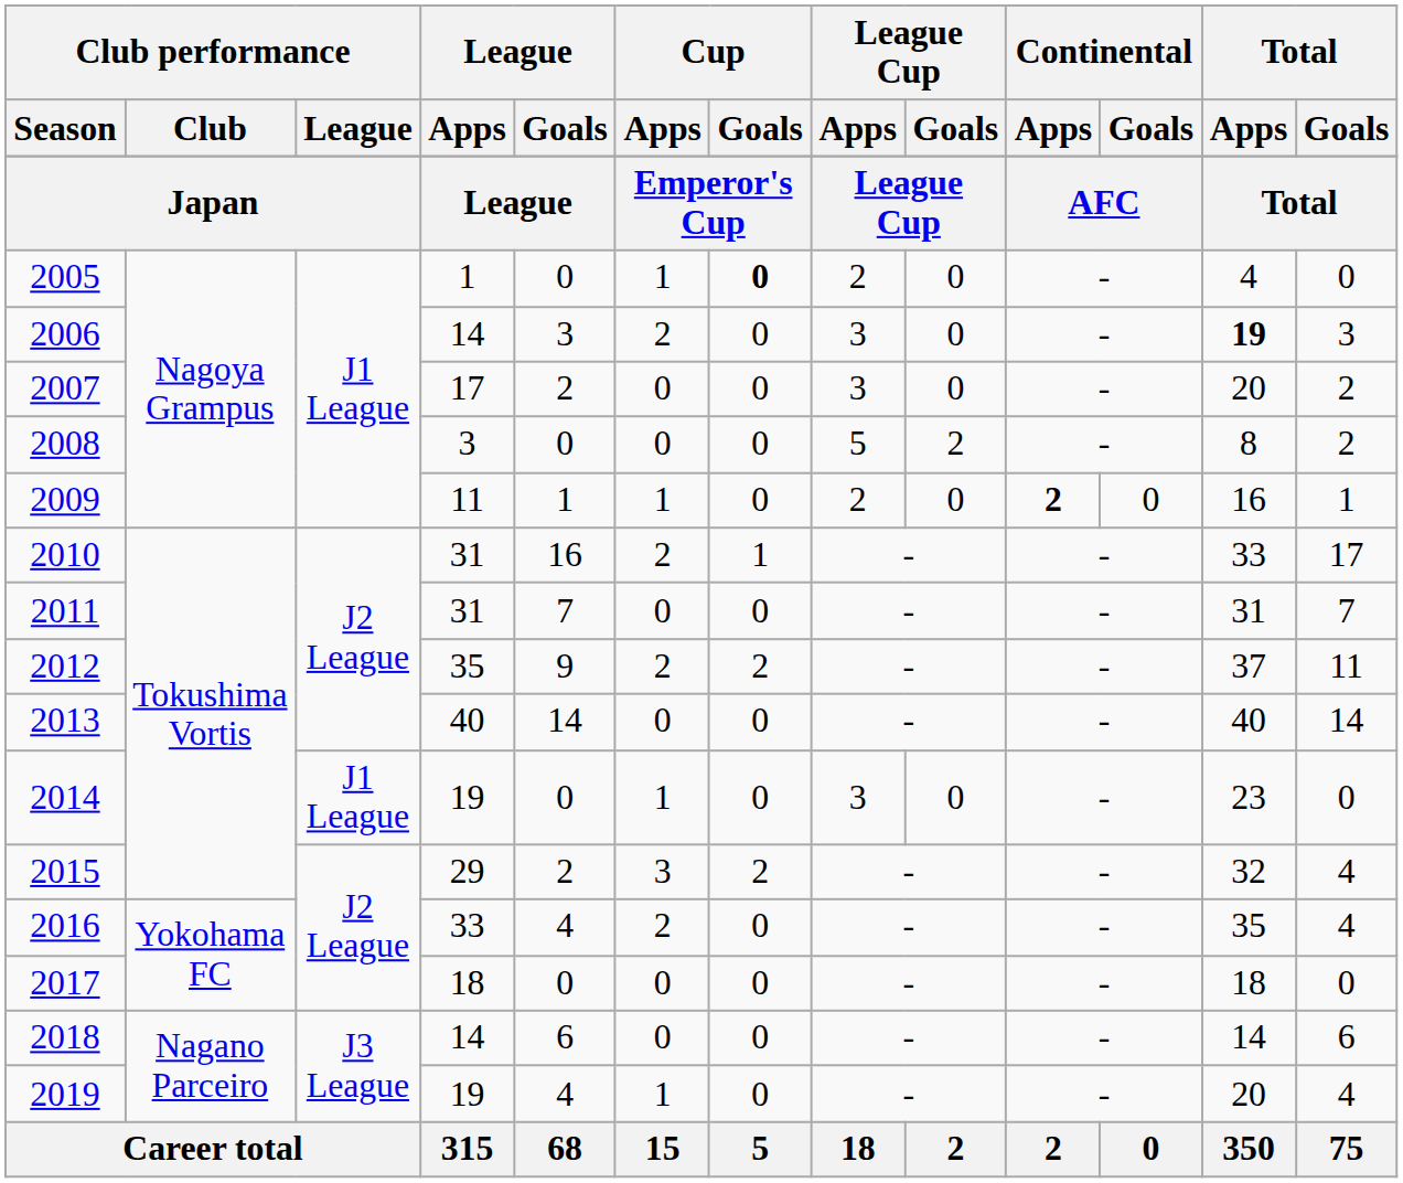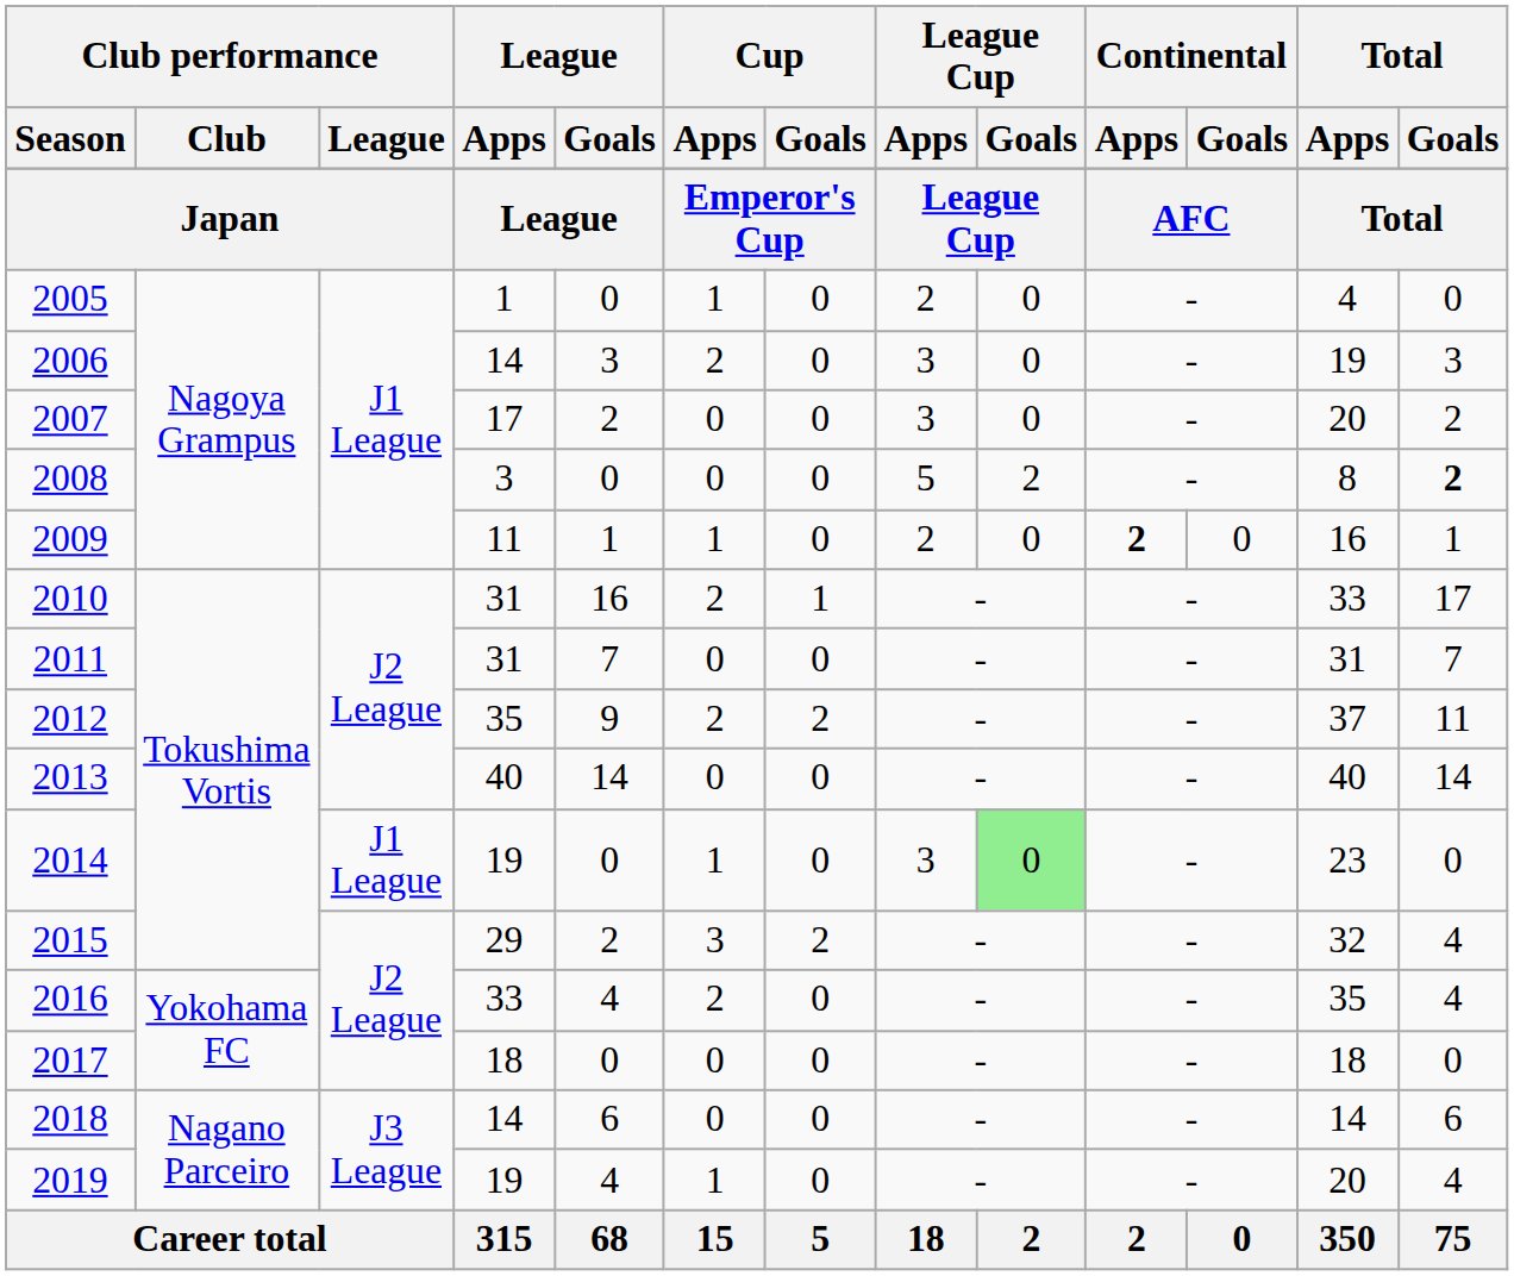 <table class="wikitable" style="text-align:center">
 <tr>
 <th colspan=3>Club performance</th>
 <th colspan=2>League</th>
 <th colspan=2>Cup</th>
 <th colspan=2>League Cup</th>
 <th colspan=2>Continental</th>
 <th colspan=2>Total</th>
 </tr>
 <tr>
 <th>Season</th>
 <th>Club</th>
 <th>League</th>
 <th>Apps</th>
 <th>Goals</th>
 <th>Apps</th>
 <th>Goals</th>
 <th>Apps</th>
 <th>Goals</th>
 <th>Apps</th>
 <th>Goals</th>
 <th>Apps</th>
 <th>Goals</th>
 </tr>
 <tr>
 </tr>
 <tr>
 <th colspan=3>Japan</th>
 <th colspan=2>League</th>
 <th colspan=2><a href='#'>Emperor's Cup</a></th>
 <th colspan=2><a href='#'>League Cup</a></th>
 <th colspan=2><a href='#'>AFC</a></th>
 <th colspan=2>Total</th>
 </tr>
 <tr>
 <td><a href='#'>2005</a></td>
 <td rowspan="5"><a href='#'>Nagoya Grampus</a></td>
 <td rowspan="5"><a href='#'>J1 League</a></td>
 <td>1</td>
 <td>0</td>
 <td>1</td>
-<td><strong>0</strong></td>
+<td>0</td>
 <td>2</td>
 <td>0</td>
 <td colspan="2">-</td>
 <td>4</td>
 <td>0</td>
 </tr>
 <tr>
 <td><a href='#'>2006</a></td>
 <td>14</td>
 <td>3</td>
 <td>2</td>
 <td>0</td>
 <td>3</td>
 <td>0</td>
 <td colspan="2">-</td>
-<td><strong>19</strong></td>
+<td>19</td>
 <td>3</td>
 </tr>
 <tr>
 <td><a href='#'>2007</a></td>
 <td>17</td>
 <td>2</td>
 <td>0</td>
 <td>0</td>
 <td>3</td>
 <td>0</td>
 <td colspan="2">-</td>
 <td>20</td>
 <td>2</td>
 </tr>
 <tr>
 <td><a href='#'>2008</a></td>
 <td>3</td>
 <td>0</td>
 <td>0</td>
 <td>0</td>
 <td>5</td>
 <td>2</td>
 <td colspan="2">-</td>
 <td>8</td>
-<td>2</td>
+<td><strong>2</strong></td>
 </tr>
 <tr>
 <td><a href='#'>2009</a></td>
 <td>11</td>
 <td>1</td>
 <td>1</td>
 <td>0</td>
 <td>2</td>
 <td>0</td>
 <td><strong>2</strong></td>
 <td>0</td>
 <td>16</td>
 <td>1</td>
 </tr>
 <tr>
 <td><a href='#'>2010</a></td>
 <td rowspan="6"><a href='#'>Tokushima Vortis</a></td>
 <td rowspan="4"><a href='#'>J2 League</a></td>
 <td>31</td>
 <td>16</td>
 <td>2</td>
 <td>1</td>
 <td colspan="2">-</td>
 <td colspan="2">-</td>
 <td>33</td>
 <td>17</td>
 </tr>
 <tr>
 <td><a href='#'>2011</a></td>
 <td>31</td>
 <td>7</td>
 <td>0</td>
 <td>0</td>
 <td colspan="2">-</td>
 <td colspan="2">-</td>
 <td>31</td>
 <td>7</td>
 </tr>
 <tr>
 <td><a href='#'>2012</a></td>
 <td>35</td>
 <td>9</td>
 <td>2</td>
 <td>2</td>
 <td colspan="2">-</td>
 <td colspan="2">-</td>
 <td>37</td>
 <td>11</td>
 </tr>
 <tr>
 <td><a href='#'>2013</a></td>
 <td>40</td>
 <td>14</td>
 <td>0</td>
 <td>0</td>
 <td colspan="2">-</td>
 <td colspan="2">-</td>
 <td>40</td>
 <td>14</td>
 </tr>
 <tr>
 <td><a href='#'>2014</a></td>
 <td><a href='#'>J1 League</a></td>
 <td>19</td>
 <td>0</td>
 <td>1</td>
 <td>0</td>
 <td>3</td>
-<td>0</td>
+<td style="background: lightgreen;">0</td>
 <td colspan="2">-</td>
 <td>23</td>
 <td>0</td>
 </tr>
 <tr>
 <td><a href='#'>2015</a></td>
 <td rowspan="3"><a href='#'>J2 League</a></td>
 <td>29</td>
 <td>2</td>
 <td>3</td>
 <td>2</td>
 <td colspan="2">-</td>
 <td colspan="2">-</td>
 <td>32</td>
 <td>4</td>
 </tr>
 <tr>
 <td><a href='#'>2016</a></td>
 <td rowspan="2"><a href='#'>Yokohama FC</a></td>
 <td>33</td>
 <td>4</td>
 <td>2</td>
 <td>0</td>
 <td colspan="2">-</td>
 <td colspan="2">-</td>
 <td>35</td>
 <td>4</td>
 </tr>
 <tr>
 <td><a href='#'>2017</a></td>
 <td>18</td>
 <td>0</td>
 <td>0</td>
 <td>0</td>
 <td colspan="2">-</td>
 <td colspan="2">-</td>
 <td>18</td>
 <td>0</td>
 </tr>
 <tr>
 <td><a href='#'>2018</a></td>
 <td rowspan="2"><a href='#'>Nagano Parceiro</a></td>
 <td rowspan="2"><a href='#'>J3 League</a></td>
 <td>14</td>
 <td>6</td>
 <td>0</td>
 <td>0</td>
 <td colspan="2">-</td>
 <td colspan="2">-</td>
 <td>14</td>
 <td>6</td>
 </tr>
 <tr>
 <td><a href='#'>2019</a></td>
 <td>19</td>
 <td>4</td>
 <td>1</td>
 <td>0</td>
 <td colspan="2">-</td>
 <td colspan="2">-</td>
 <td>20</td>
 <td>4</td>
 </tr>
 <tr>
 <th colspan=3>Career total</th>
 <th>315</th>
 <th>68</th>
 <th>15</th>
 <th>5</th>
 <th>18</th>
 <th>2</th>
 <th>2</th>
 <th>0</th>
 <th>350</th>
 <th>75</th>
 </tr>
 </table>
